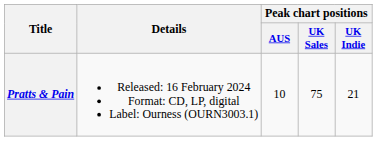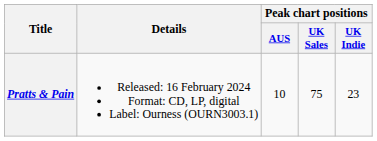 <table class="wikitable plainrowheaders" style="text-align:center;" border="1">
 <tr>
 <th scope="col" rowspan="2">Title</th>
 <th scope="col" rowspan="2">Details</th>
 <th scope="col" colspan="3">Peak chart positions</th>
 </tr>
 <tr>
 <th scope="col" style="width:3em; font-size:90%"><a href='#'>AUS</a><br></th>
 <th scope="col" style="width:3em; font-size:90%"><a href='#'>UK<br>Sales</a><br></th>
 <th scope="col" style="width:3em; font-size:90%"><a href='#'>UK<br>Indie</a><br></th>
 </tr>
 <tr>
 <th scope="row"><em><a href='#'>Pratts & Pain</a></em></th>
 <td><br><ul><li>Released: 16 February 2024</li><li>Format: CD, LP, digital</li><li>Label: Ourness (OURN3003.1)</li></ul></td>
 <td>10</td>
 <td>75</td>
-<td>21</td>
+<td>23</td>
 </tr>
 </table>
